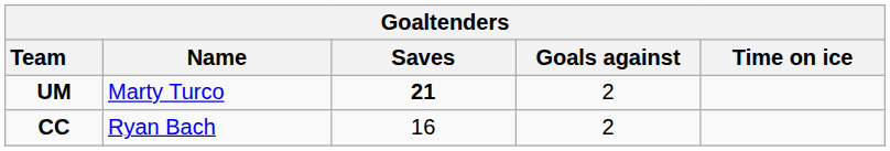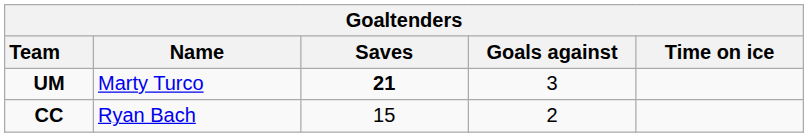 <table class="wikitable" style="width:40em; text-align:right;">
 <tr>
 <th colspan=5>Goaltenders</th>
 </tr>
 <tr>
 <th style="width:4em; text-align:left;">Team</th>
 <th style="width:10em;">Name</th>
 <th style="width:8em;">Saves</th>
 <th style="width:8em;">Goals against</th>
 <th style="width:8em;">Time on ice</th>
 </tr>
 <tr>
 <td align=center><strong>UM</strong></td>
 <td style="text-align:left;"><a href='#'>Marty Turco</a></td>
 <td align=center><strong>21</strong></td>
-<td align=center>2</td>
+<td align=center>3</td>
 <td align=center></td>
 </tr>
 <tr>
 <td align=center><strong>CC</strong></td>
 <td style="text-align:left;"><a href='#'>Ryan Bach</a></td>
-<td align=center>16</td>
+<td align=center>15</td>
 <td align=center>2</td>
 <td align=center></td>
 </tr>
 </table>
